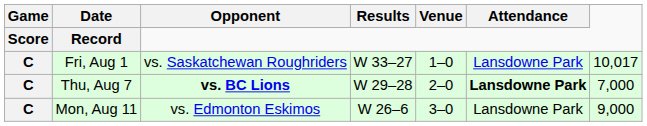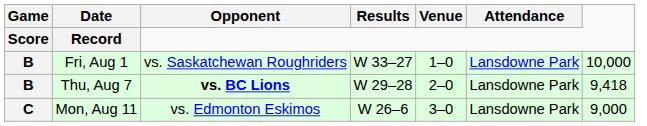 <table class="wikitable" style="text-align:center">
 <tr>
 <th>Game</th>
 <th>Date</th>
 <th>Opponent</th>
 <th>Results</th>
 <th>Venue</th>
 <th>Attendance</th>
 </tr>
 <tr>
 <th>Score</th>
 <th>Record</th>
 </tr>
 <tr style="background:#ddffdd">
-<th>C</th>
+<th>B</th>
 <td>Fri, Aug 1</td>
 <td>vs. <a href='#'>Saskatchewan Roughriders</a></td>
 <td>W 33–27</td>
 <td>1–0</td>
 <td><a href='#'>Lansdowne Park</a></td>
-<td>10,017</td>
+<td>10,000</td>
 </tr>
 <tr style="background:#ddffdd">
-<th>C</th>
+<th>B</th>
 <td>Thu, Aug 7</td>
 <td><strong>vs. <a href='#'>BC Lions</a></strong></td>
 <td>W 29–28</td>
 <td>2–0</td>
-<td><strong>Lansdowne Park</strong></td>
-<td>7,000</td>
+<td>Lansdowne Park</td>
+<td>9,418</td>
 </tr>
 <tr style="background:#ddffdd">
 <th>C</th>
 <td>Mon, Aug 11</td>
 <td>vs. <a href='#'>Edmonton Eskimos</a></td>
 <td>W 26–6</td>
 <td>3–0</td>
 <td>Lansdowne Park</td>
 <td>9,000</td>
 </tr>
 </table>
